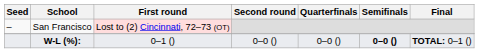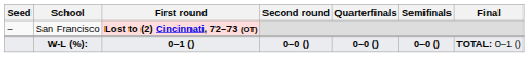 <table class="sortable wikitable" style="white-space:nowrap; font-size:90%;">
 <tr>
 <th>Seed</th>
 <th>School</th>
 <th>First round</th>
 <th>Second round</th>
 <th>Quarterfinals</th>
 <th>Semifinals</th>
 <th>Final</th>
 </tr>
 <tr>
 <td>–</td>
 <td>San Francisco</td>
-<td style="background:#ffdddd;">Lost to (2) <a href='#'>Cincinnati</a>, 72–73 <small>(OT)</small></td>
+<td style="background:#ffdddd;"><strong>Lost to (2) <a href='#'>Cincinnati</a>, 72–73 <small>(OT)</small></strong></td>
 <td style="background:#ddd;" colspan=4></td>
 </tr>
 <tr>
 </tr>
 <tr class="sortbottom"  style="text-align:center; background:#EAECF0;">
 <td></td>
 <td><strong>W-L (%):</strong></td>
-<td>0–1 ()</td>
-<td>0–0 ()</td>
-<td>0–0 ()</td>
+<td><strong>0–1 ()</strong></td>
+<td><strong>0–0 ()</strong></td>
+<td><strong>0–0 ()</strong></td>
 <td><strong>0–0 ()</strong></td>
 <td><strong>TOTAL:</strong> 0–1 ()</td>
 </tr>
 </table>
